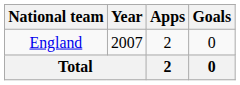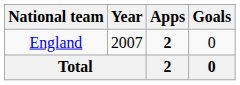 <table class=wikitable style="text-align: center;">
 <tr>
 <th>National team</th>
 <th>Year</th>
 <th>Apps</th>
 <th>Goals</th>
 </tr>
 <tr>
 <td><a href='#'>England</a></td>
 <td>2007</td>
-<td>2</td>
+<td><strong>2</strong></td>
 <td>0</td>
 </tr>
 <tr>
 <th colspan=2>Total</th>
 <th>2</th>
 <th>0</th>
 </tr>
 </table>
